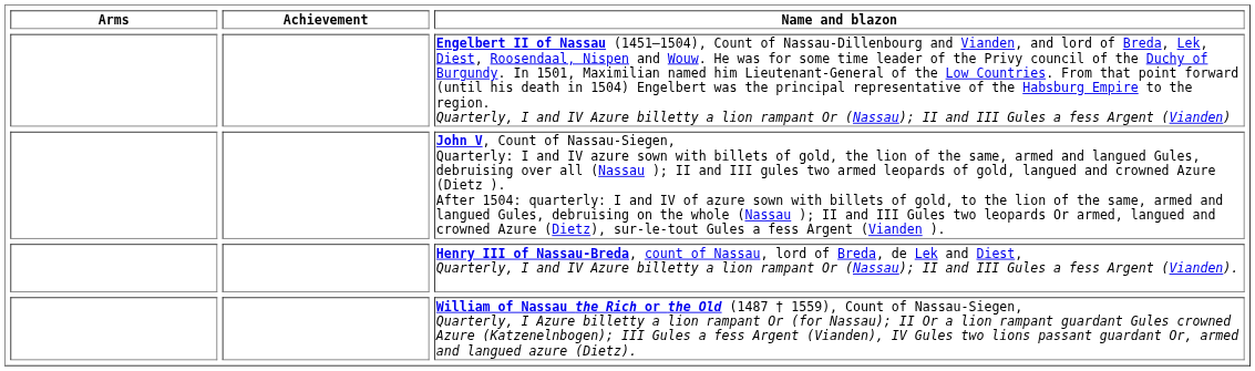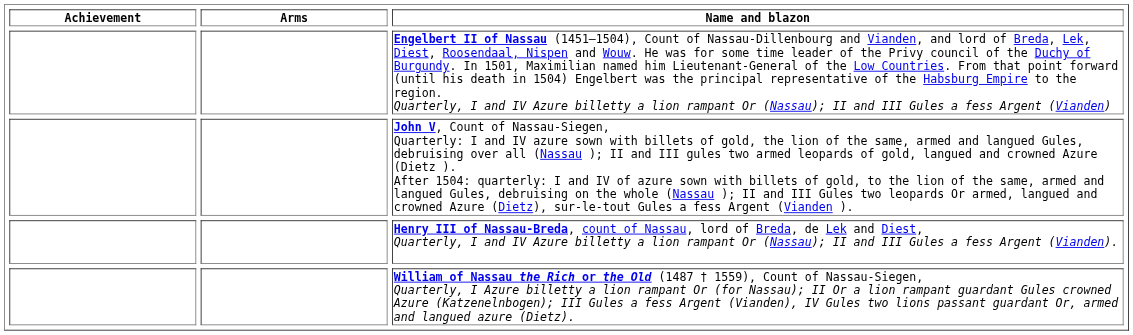 <table border=1 cellspacing=5 width="100%">
 <tr valign=top align=center>
+<td width="206"><strong>Achievement</strong></td>
 <td width="206"><strong>Arms</strong></td>
-<td width="206"><strong>Achievement</strong></td>
 <td><strong>Name and blazon</strong></td>
 </tr>
 <tr valign=top>
+<td align=center><br></td>
 <td align=center><br><br><br><br></td>
-<td align=center><br></td>
 <td><strong><a href='#'>Engelbert II of Nassau</a></strong> (1451–1504), Count of Nassau-Dillenbourg and <a href='#'>Vianden</a>, and lord of <a href='#'>Breda</a>, <a href='#'>Lek</a>, <a href='#'>Diest</a>, <a href='#'>Roosendaal, Nispen</a> and <a href='#'>Wouw</a>. He was for some time leader of the Privy council of the <a href='#'>Duchy of Burgundy</a>.  In 1501, Maximilian named him Lieutenant-General of the <a href='#'>Low Countries</a>. From that point forward (until his death in 1504) Engelbert was the principal representative of the <a href='#'>Habsburg Empire</a> to the region.<br><em> Quarterly, I and IV Azure billetty a lion rampant Or (<a href='#'>Nassau</a>); II and III Gules a fess Argent (<a href='#'>Vianden</a>)</em></td>
 </tr>
 <tr valign=top>
+<td align=center><br> <br></td>
 <td align=center><br> <br> <br> </td>
-<td align=center><br> <br></td>
 <td><strong><a href='#'>John V</a></strong>, Count of Nassau-Siegen,<br>Quarterly: I and IV azure sown with billets of gold, the lion of the same, armed and langued Gules, debruising over all (<a href='#'>Nassau</a> ); II and III gules two armed leopards of gold, langued and crowned Azure (Dietz ).<br>After 1504: quarterly: I and IV of azure sown with billets of gold, to the lion of the same, armed and langued Gules, debruising on the whole (<a href='#'>Nassau</a> ); II and III Gules two leopards Or armed, langued and crowned Azure (<a href='#'>Dietz</a>), sur-le-tout Gules a fess Argent (<a href='#'>Vianden</a> ).</td>
 </tr>
 <tr valign=top>
+<td align=center><br></td>
 <td align=center><br><br><br> </td>
-<td align=center><br></td>
 <td><strong><a href='#'>Henry III of Nassau-Breda</a></strong>, <a href='#'>count of Nassau</a>, lord of <a href='#'>Breda</a>, de <a href='#'>Lek</a> and <a href='#'>Diest</a>,<br><em> Quarterly, I and IV Azure billetty a lion rampant Or (<a href='#'>Nassau</a>); II and III Gules a fess Argent (<a href='#'>Vianden</a>).</em></td>
 </tr>
 <tr valign=top>
+<td align=center><br></td>
 <td align=center><br><br><br><br></td>
-<td align=center><br></td>
 <td><strong><a href='#'>William of Nassau <em>the Rich</em> or <em>the Old</em></a></strong> (1487 † 1559), Count of Nassau-Siegen,<br><em> Quarterly, I Azure billetty a lion rampant Or (for Nassau); II Or a lion rampant guardant Gules crowned Azure (Katzenelnbogen); III Gules a fess Argent (Vianden), IV Gules two lions passant guardant Or, armed and langued azure (Dietz).</em></td>
 </tr>
 </table>
